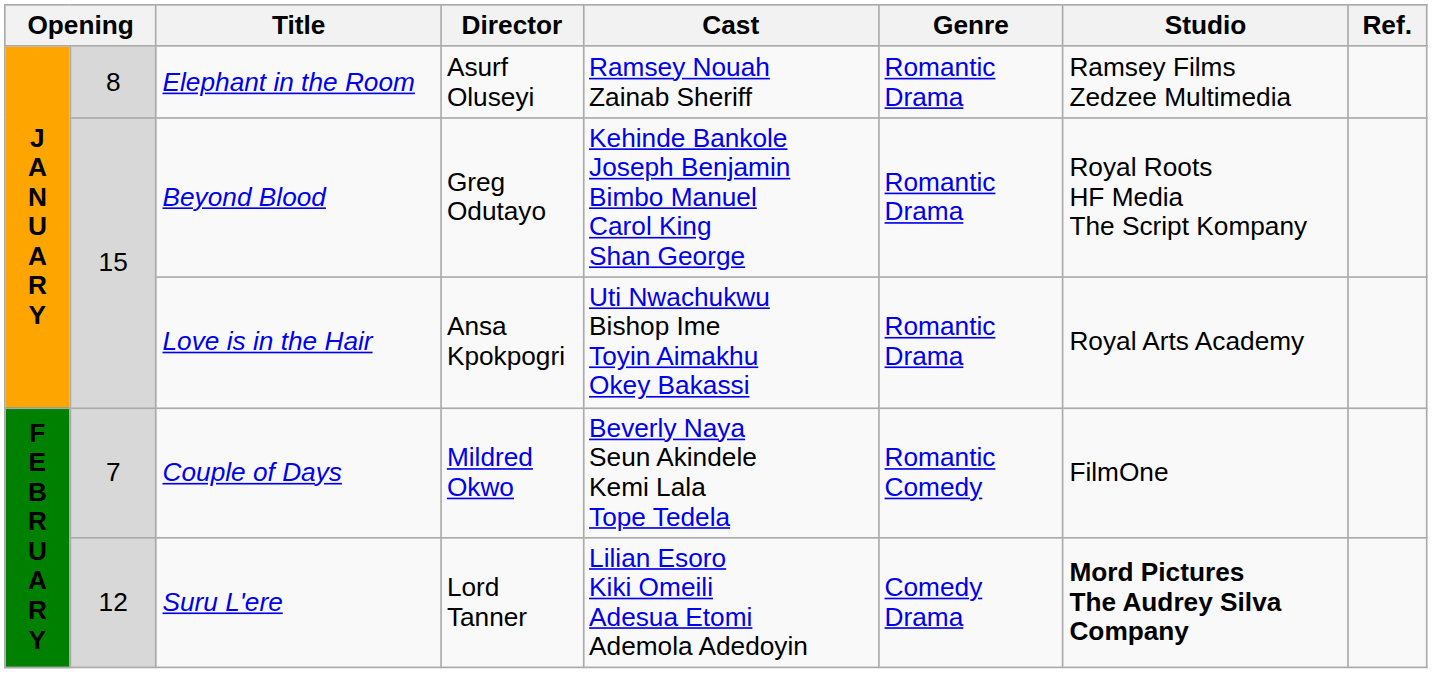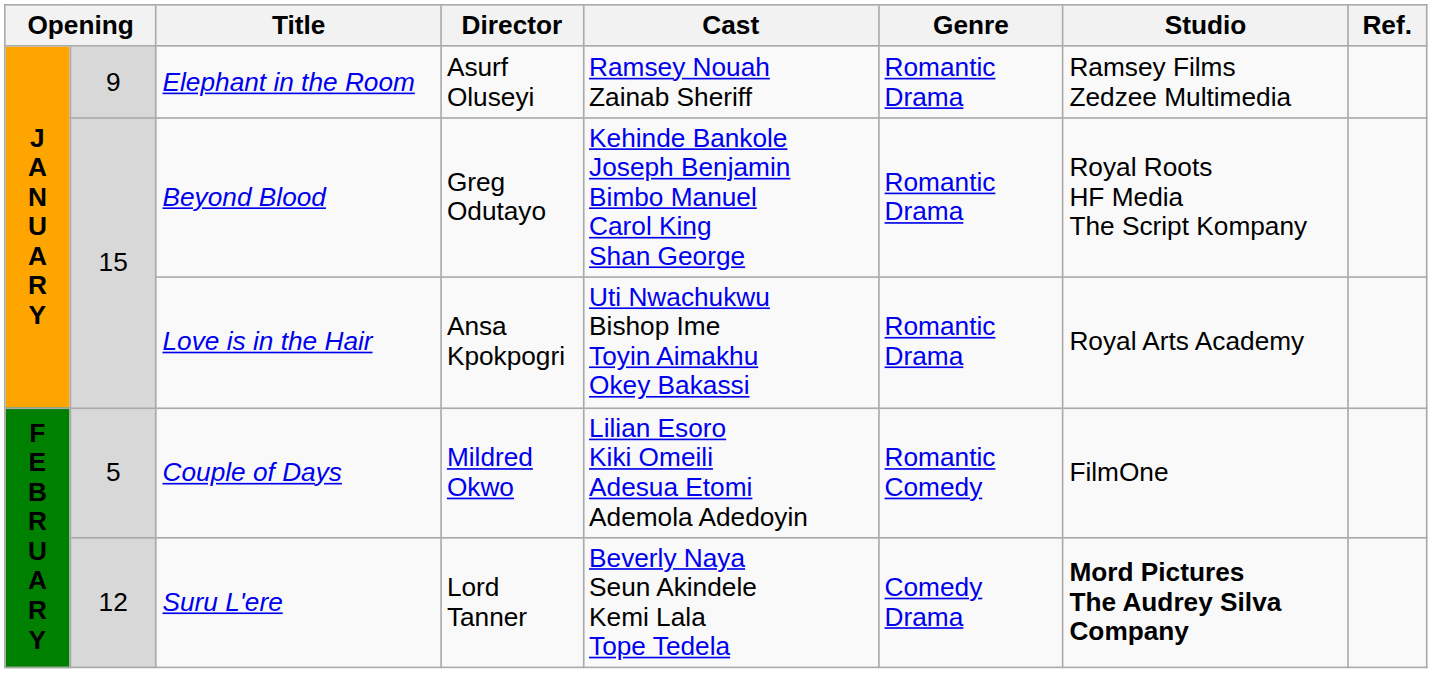 <table class="wikitable">
 <tr>
 <th colspan="2">Opening</th>
 <th style="width:20%;">Title</th>
 <th style="width:10%;">Director</th>
 <th>Cast</th>
 <th style="width:13%">Genre</th>
 <th style="width:20%">Studio</th>
 <th>Ref.</th>
 </tr>
 <tr>
 <td rowspan=3 style="text-align:center; background:orange; textcolor:#000;"><strong>J<br>A<br>N<br>U<br>A<br>R<br>Y<br></strong></td>
-<td rowspan=1 style="text-align:center; background:#d8d8d8; textcolor:#000;">8</td>
+<td rowspan=1 style="text-align:center; background:#d8d8d8; textcolor:#000;">9</td>
 <td><em><a href='#'>Elephant in the Room</a></em></td>
 <td>Asurf Oluseyi</td>
 <td><a href='#'>Ramsey Nouah</a><br>Zainab Sheriff</td>
 <td><a href='#'>Romantic Drama</a></td>
 <td>Ramsey Films <br> Zedzee Multimedia</td>
 <td></td>
 </tr>
 <tr>
 <td rowspan=2 style="text-align:center; background:#d8d8d8; textcolor:#000;">15</td>
 <td><em><a href='#'>Beyond Blood</a></em></td>
 <td>Greg Odutayo</td>
 <td><a href='#'>Kehinde Bankole</a><br><a href='#'>Joseph Benjamin</a> <br><a href='#'>Bimbo Manuel</a><br><a href='#'>Carol King</a><br><a href='#'>Shan George</a></td>
 <td><a href='#'>Romantic Drama</a></td>
 <td>Royal Roots <br> HF Media <br> The Script Kompany</td>
 <td></td>
 </tr>
 <tr>
 <td><em><a href='#'>Love is in the Hair</a></em></td>
 <td>Ansa Kpokpogri</td>
 <td><a href='#'>Uti Nwachukwu</a><br>Bishop Ime <br><a href='#'>Toyin Aimakhu</a><br><a href='#'>Okey Bakassi</a></td>
 <td><a href='#'>Romantic Drama</a></td>
 <td>Royal Arts Academy</td>
 <td></td>
 </tr>
 <tr>
 <td rowspan=2 style="text-align:center; background:green; textcolor:#000;"><strong>F<br>E<br>B<br>R<br>U<br>A<br>R<br>Y<br></strong></td>
-<td rowspan=1 style="text-align:center; background:#d8d8d8; textcolor:#000;">7</td>
+<td rowspan=1 style="text-align:center; background:#d8d8d8; textcolor:#000;">5</td>
 <td><em><a href='#'>Couple of Days</a></em></td>
 <td><a href='#'>Mildred Okwo</a></td>
-<td><a href='#'>Beverly Naya</a><br>Seun Akindele<br>Kemi Lala <br> <a href='#'>Tope Tedela</a></td>
+<td><a href='#'>Lilian Esoro</a><br><a href='#'>Kiki Omeili</a><br><a href='#'>Adesua Etomi</a> <br> Ademola Adedoyin</td>
 <td><a href='#'>Romantic Comedy</a></td>
 <td>FilmOne</td>
 <td></td>
 </tr>
 <tr>
 <td rowspan=1 style="text-align:center; background:#d8d8d8; textcolor:#000;">12</td>
 <td><em><a href='#'>Suru L'ere</a></em></td>
 <td>Lord Tanner</td>
-<td><a href='#'>Lilian Esoro</a><br><a href='#'>Kiki Omeili</a><br><a href='#'>Adesua Etomi</a> <br> Ademola Adedoyin</td>
+<td><a href='#'>Beverly Naya</a><br>Seun Akindele<br>Kemi Lala <br> <a href='#'>Tope Tedela</a></td>
 <td><a href='#'>Comedy Drama</a></td>
 <td><strong>Mord Pictures <br> The Audrey Silva Company</strong></td>
 <td></td>
 </tr>
 </table>
